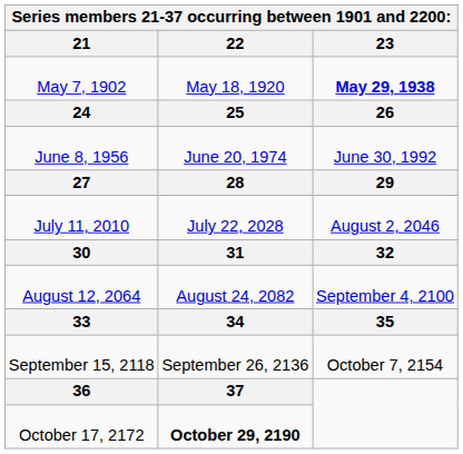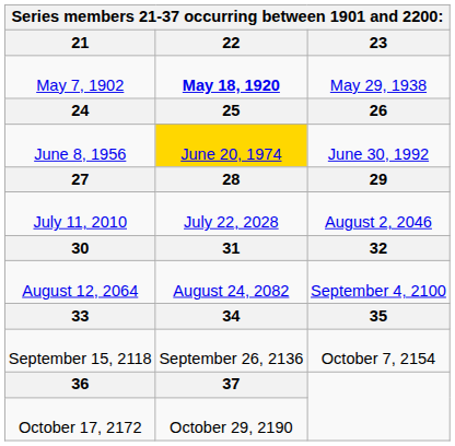 <table class="wikitable collapsible collapsed">
 <tr>
 <th colspan=3>Series members 21-37 occurring between 1901 and 2200:</th>
 </tr>
 <tr>
 <th>21</th>
 <th>22</th>
 <th>23</th>
 </tr>
 <tr style="text-align:center;">
 <td><br><a href='#'>May 7, 1902</a></td>
-<td><br><a href='#'>May 18, 1920</a></td>
-<td><strong><br><a href='#'>May 29, 1938</a></strong></td>
+<td><strong><br><a href='#'>May 18, 1920</a></strong></td>
+<td><br><a href='#'>May 29, 1938</a></td>
 </tr>
 <tr>
 <th>24</th>
 <th>25</th>
 <th>26</th>
 </tr>
 <tr style="text-align:center;">
 <td><br><a href='#'>June 8, 1956</a></td>
-<td><br><a href='#'>June 20, 1974</a></td>
+<td style="background: gold;"><br><a href='#'>June 20, 1974</a></td>
 <td><br><a href='#'>June 30, 1992</a></td>
 </tr>
 <tr>
 <th>27</th>
 <th>28</th>
 <th>29</th>
 </tr>
 <tr style="text-align:center;">
 <td><br><a href='#'>July 11, 2010</a></td>
 <td><br><a href='#'>July 22, 2028</a></td>
 <td><br><a href='#'>August 2, 2046</a></td>
 </tr>
 <tr>
 <th>30</th>
 <th>31</th>
 <th>32</th>
 </tr>
 <tr style="text-align:center;">
 <td><br><a href='#'>August 12, 2064</a></td>
 <td><br><a href='#'>August 24, 2082</a></td>
 <td><br><a href='#'>September 4, 2100</a></td>
 </tr>
 <tr>
 <th>33</th>
 <th>34</th>
 <th>35</th>
 </tr>
 <tr style="text-align:center;">
 <td><br>September 15, 2118</td>
 <td><br>September 26, 2136</td>
 <td><br>October 7, 2154</td>
 </tr>
 <tr>
 <th>36</th>
 <th>37</th>
 </tr>
 <tr style="text-align:center;">
 <td><br>October 17, 2172</td>
-<td><strong><br>October 29, 2190</strong></td>
+<td><br>October 29, 2190</td>
 </tr>
 </table>
